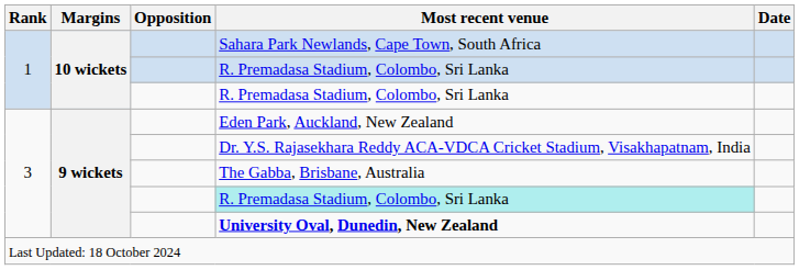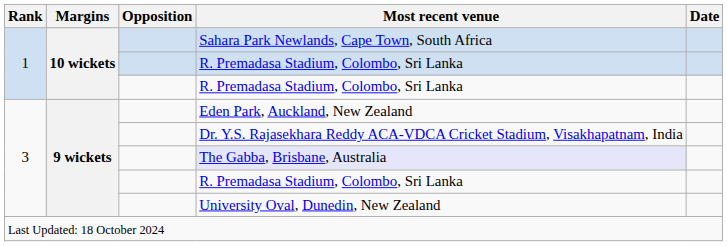 <table class="wikitable plainrowheaders sortable">
 <tr>
 <th scope=col>Rank</th>
 <th scope=col>Margins</th>
 <th scope=col>Opposition</th>
 <th scope=col>Most recent venue</th>
 <th scope=col>Date</th>
 </tr>
 <tr bgcolor=#cee0f2>
 <td rowspan="3" align="center">1</td>
 <th rowspan="3" scope="row" style="text-align:center">10 wickets</th>
 <td></td>
 <td><a href='#'>Sahara Park Newlands</a>, <a href='#'>Cape Town</a>, South Africa</td>
 <td> </td>
 </tr>
 <tr bgcolor=#cee0f2>
 <td></td>
 <td><a href='#'>R. Premadasa Stadium</a>, <a href='#'>Colombo</a>, Sri Lanka</td>
 <td></td>
 </tr>
 <tr -bgcolor=#cee0f2>
 <td></td>
 <td><a href='#'>R. Premadasa Stadium</a>, <a href='#'>Colombo</a>, Sri Lanka</td>
 <td></td>
 </tr>
 <tr>
 <td align=center rowspan=5>3</td>
 <th scope=row style=text-align:center rowspan=5>9 wickets</th>
 <td></td>
 <td><a href='#'>Eden Park</a>, <a href='#'>Auckland</a>, New Zealand</td>
 <td></td>
 </tr>
 <tr>
 <td></td>
 <td><a href='#'>Dr. Y.S. Rajasekhara Reddy ACA-VDCA Cricket Stadium</a>, <a href='#'>Visakhapatnam</a>, India</td>
 <td></td>
 </tr>
 <tr>
 <td></td>
-<td><a href='#'>The Gabba</a>, <a href='#'>Brisbane</a>, Australia</td>
+<td style="background: lavender;"><a href='#'>The Gabba</a>, <a href='#'>Brisbane</a>, Australia</td>
 <td></td>
 </tr>
 <tr>
 <td></td>
-<td style="background: paleturquoise;"><a href='#'>R. Premadasa Stadium</a>, <a href='#'>Colombo</a>, Sri Lanka</td>
+<td><a href='#'>R. Premadasa Stadium</a>, <a href='#'>Colombo</a>, Sri Lanka</td>
 <td></td>
 </tr>
 <tr>
 <td></td>
-<td><strong><a href='#'>University Oval</a>, <a href='#'>Dunedin</a>, New Zealand</strong></td>
+<td><a href='#'>University Oval</a>, <a href='#'>Dunedin</a>, New Zealand</td>
 <td></td>
 </tr>
 <tr class=sortbottom>
 <td colspan=5><small>Last Updated: 18 October 2024</small></td>
 </tr>
 </table>
